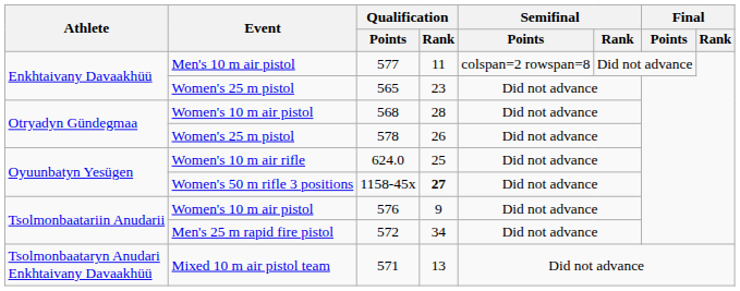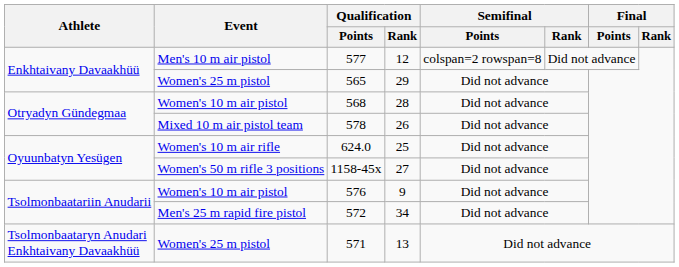 <table class="wikitable" style="font-size:90%">
 <tr>
 <th rowspan="2">Athlete</th>
 <th rowspan="2">Event</th>
 <th colspan=2>Qualification</th>
 <th colspan=2>Semifinal</th>
 <th colspan=2>Final</th>
 </tr>
 <tr style="font-size:95%">
 <th>Points</th>
 <th>Rank</th>
 <th>Points</th>
 <th>Rank</th>
 <th>Points</th>
 <th>Rank</th>
 </tr>
 <tr align=center>
 <td align=left rowspan=2><a href='#'>Enkhtaivany Davaakhüü</a></td>
 <td align=left><a href='#'>Men's 10 m air pistol</a></td>
 <td>577</td>
-<td>11</td>
+<td>12</td>
 <td>colspan=2 rowspan=8 </td>
 <td colspan="2">Did not advance</td>
 </tr>
 <tr align=center>
 <td align=left><a href='#'>Women's 25 m pistol</a></td>
 <td>565</td>
-<td>23</td>
+<td>29</td>
 <td colspan="2">Did not advance</td>
 </tr>
 <tr align=center>
 <td align=left rowspan=2><a href='#'>Otryadyn Gündegmaa</a></td>
 <td align=left><a href='#'>Women's 10 m air pistol</a></td>
 <td>568</td>
 <td>28</td>
 <td colspan=2>Did not advance</td>
 </tr>
 <tr align=center>
-<td align=left><a href='#'>Women's 25 m pistol</a></td>
+<td align=left><a href='#'>Mixed 10 m air pistol team</a></td>
 <td>578</td>
 <td>26</td>
 <td colspan=2>Did not advance</td>
 </tr>
 <tr align=center>
 <td align=left rowspan=2><a href='#'>Oyuunbatyn Yesügen</a></td>
 <td align=left><a href='#'>Women's 10 m air rifle</a></td>
 <td>624.0</td>
 <td>25</td>
 <td colspan=2>Did not advance</td>
 </tr>
 <tr align=center>
 <td align=left><a href='#'>Women's 50 m rifle 3 positions</a></td>
 <td>1158-45x</td>
-<td><strong>27</strong></td>
+<td>27</td>
 <td colspan=2>Did not advance</td>
 </tr>
 <tr align=center>
 <td align=left rowspan=2><a href='#'>Tsolmonbaatariin Anudarii</a></td>
 <td align=left><a href='#'>Women's 10 m air pistol</a></td>
 <td>576</td>
 <td>9</td>
 <td colspan=2>Did not advance</td>
 </tr>
 <tr align=center>
 <td align=left><a href='#'>Men's 25 m rapid fire pistol</a></td>
 <td>572</td>
 <td>34</td>
 <td colspan=2>Did not advance</td>
 </tr>
 <tr align=center>
 <td align=left><a href='#'>Tsolmonbaataryn Anudari</a><br><a href='#'>Enkhtaivany Davaakhüü</a></td>
-<td align=left><a href='#'>Mixed 10 m air pistol team</a></td>
+<td align=left><a href='#'>Women's 25 m pistol</a></td>
 <td>571</td>
 <td>13</td>
 <td colspan=4>Did not advance</td>
 </tr>
 </table>
